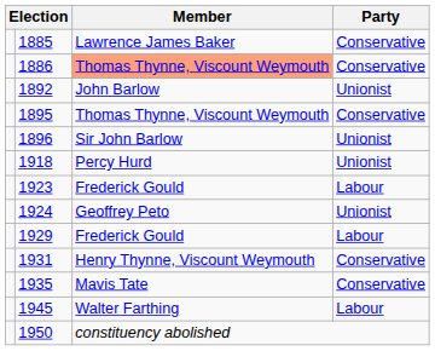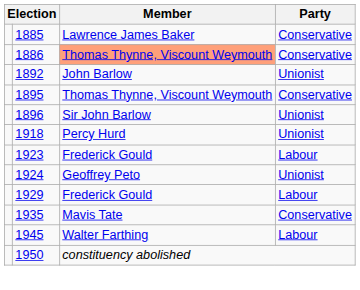 <table class="wikitable">
 <tr>
 <th colspan="2">Election</th>
 <th>Member</th>
 <th>Party</th>
 </tr>
 <tr>
 <td style="color:inherit;background-color: "></td>
 <td><a href='#'>1885</a></td>
 <td><a href='#'>Lawrence James Baker</a></td>
 <td><a href='#'>Conservative</a></td>
 </tr>
 <tr>
 <td style="color:inherit;background-color: "></td>
 <td><a href='#'>1886</a></td>
 <td style="background: lightsalmon;"><a href='#'>Thomas Thynne, Viscount Weymouth</a></td>
 <td><a href='#'>Conservative</a></td>
 </tr>
 <tr>
 <td style="color:inherit;background-color: "></td>
 <td><a href='#'>1892</a></td>
 <td><a href='#'>John Barlow</a></td>
 <td><a href='#'>Unionist</a></td>
 </tr>
 <tr>
 <td style="color:inherit;background-color: "></td>
 <td><a href='#'>1895</a></td>
 <td><a href='#'>Thomas Thynne, Viscount Weymouth</a></td>
 <td><a href='#'>Conservative</a></td>
 </tr>
 <tr>
 <td style="color:inherit;background-color: "></td>
 <td><a href='#'>1896</a></td>
 <td><a href='#'>Sir John Barlow</a></td>
 <td><a href='#'>Unionist</a></td>
 </tr>
 <tr>
 <td style="color:inherit;background-color: "></td>
 <td><a href='#'>1918</a></td>
 <td><a href='#'>Percy Hurd</a></td>
 <td><a href='#'>Unionist</a></td>
 </tr>
 <tr>
 <td style="color:inherit;background-color: "></td>
 <td><a href='#'>1923</a></td>
 <td><a href='#'>Frederick Gould</a></td>
 <td><a href='#'>Labour</a></td>
 </tr>
 <tr>
 <td style="color:inherit;background-color: "></td>
 <td><a href='#'>1924</a></td>
 <td><a href='#'>Geoffrey Peto</a></td>
 <td><a href='#'>Unionist</a></td>
 </tr>
 <tr>
 <td style="color:inherit;background-color: "></td>
 <td><a href='#'>1929</a></td>
 <td><a href='#'>Frederick Gould</a></td>
 <td><a href='#'>Labour</a></td>
 </tr>
 <tr>
 <td style="color:inherit;background-color: "></td>
-<td><a href='#'>1931</a></td>
-<td><a href='#'>Henry Thynne, Viscount Weymouth</a></td>
-<td><a href='#'>Conservative</a></td>
-</tr>
-<tr>
-<td style="color:inherit;background-color: "></td>
 <td><a href='#'>1935</a></td>
 <td><a href='#'>Mavis Tate</a></td>
 <td><a href='#'>Conservative</a></td>
 </tr>
 <tr>
 <td style="color:inherit;background-color: "></td>
 <td><a href='#'>1945</a></td>
 <td><a href='#'>Walter Farthing</a></td>
 <td><a href='#'>Labour</a></td>
 </tr>
 <tr>
 <td></td>
 <td><a href='#'>1950</a></td>
 <td colspan="2"><em>constituency abolished</em></td>
 </tr>
 </table>
